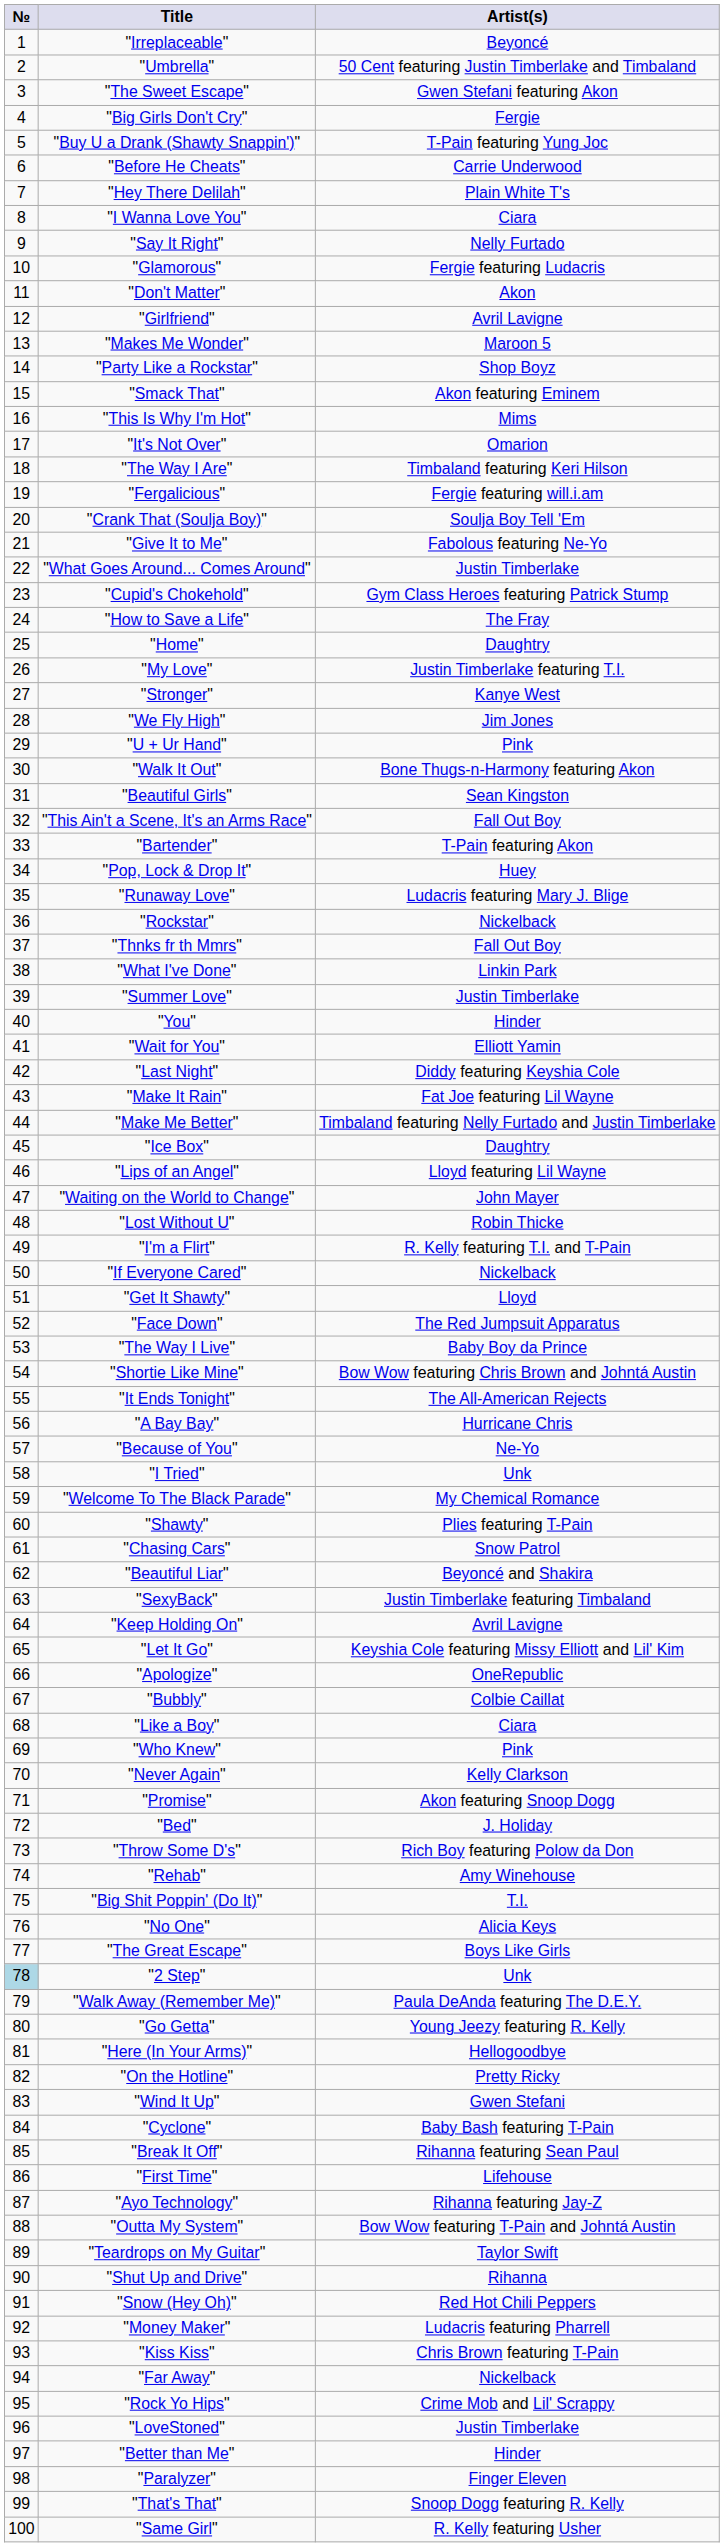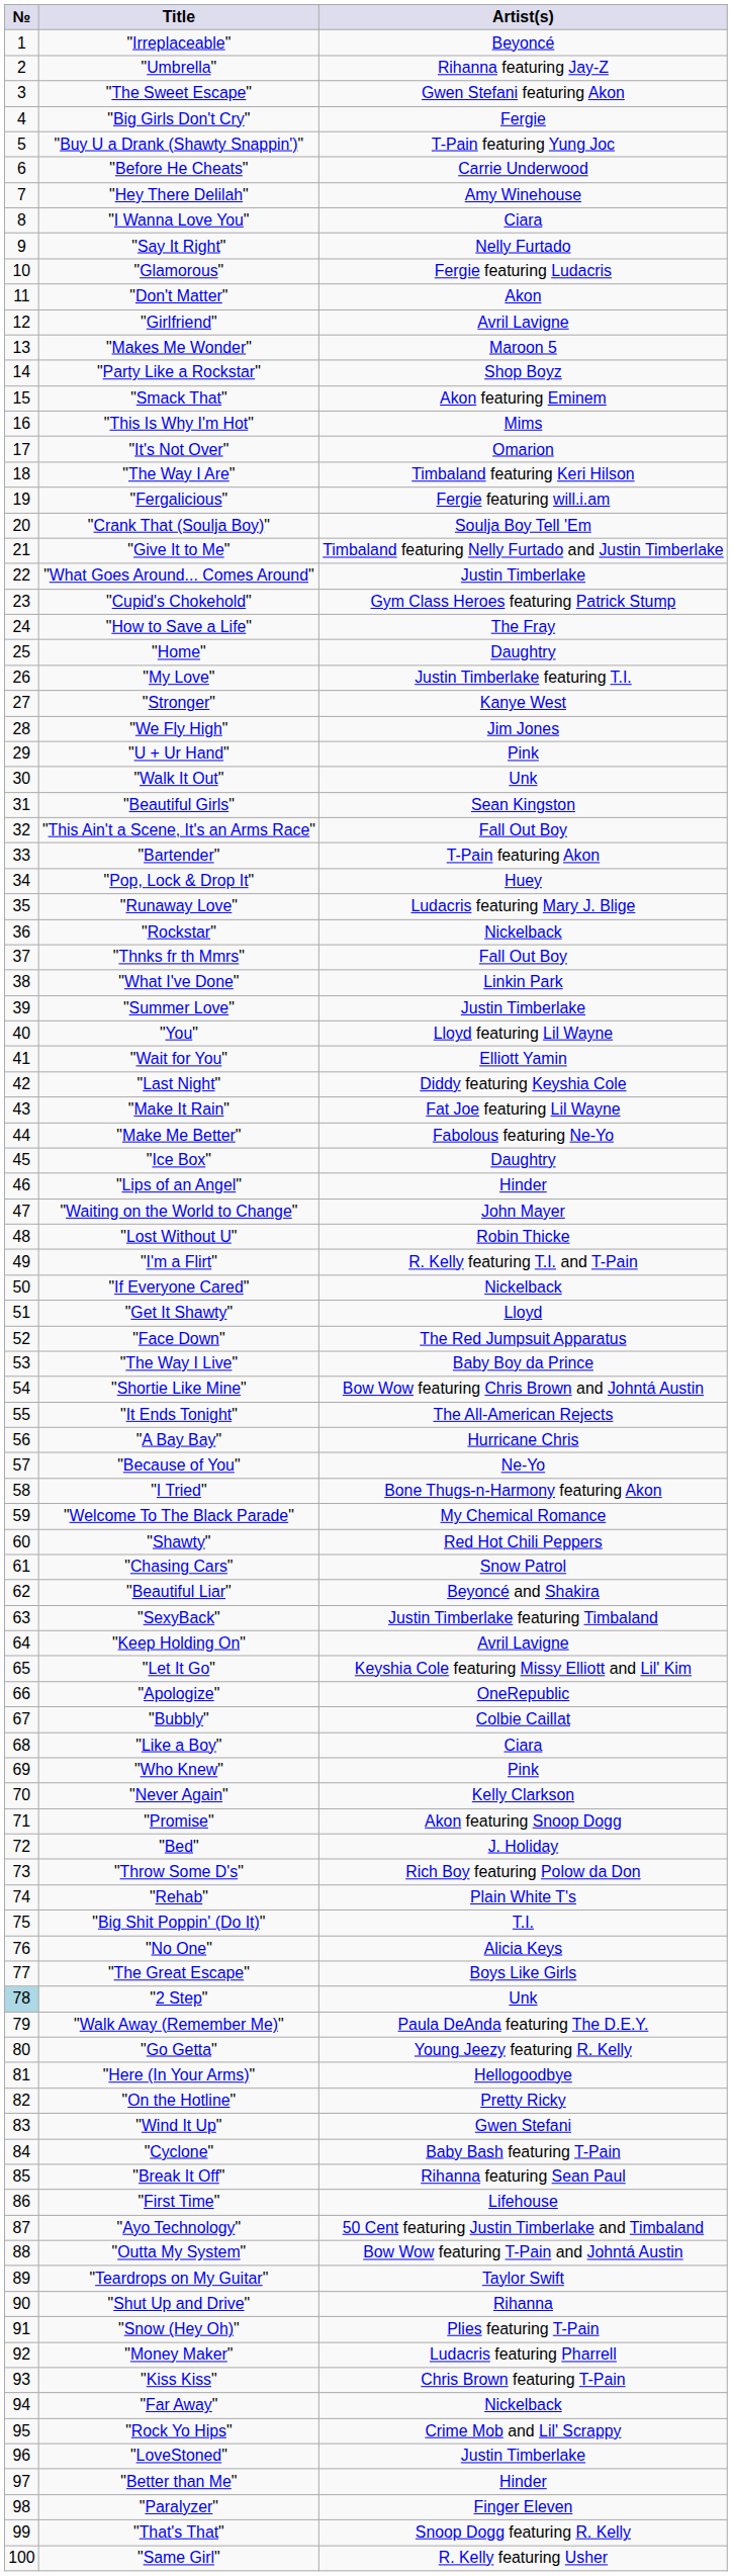 <table class="wikitable sortable" style="text-align: center">
 <tr>
 <th scope="col" style="background:#dde;">№</th>
 <th scope="col" style="background:#dde;">Title</th>
 <th scope="col" style="background:#dde;">Artist(s)</th>
 </tr>
 <tr>
 <td>1</td>
 <td>"<a href='#'>Irreplaceable</a>"</td>
 <td><a href='#'>Beyoncé</a></td>
 </tr>
 <tr>
 <td>2</td>
 <td>"<a href='#'>Umbrella</a>"</td>
-<td><a href='#'>50 Cent</a> featuring <a href='#'>Justin Timberlake</a> and <a href='#'>Timbaland</a></td>
+<td><a href='#'>Rihanna</a> featuring <a href='#'>Jay-Z</a></td>
 </tr>
 <tr>
 <td>3</td>
 <td>"<a href='#'>The Sweet Escape</a>"</td>
 <td><a href='#'>Gwen Stefani</a> featuring <a href='#'>Akon</a></td>
 </tr>
 <tr>
 <td>4</td>
 <td>"<a href='#'>Big Girls Don't Cry</a>"</td>
 <td><a href='#'>Fergie</a></td>
 </tr>
 <tr>
 <td>5</td>
 <td>"<a href='#'>Buy U a Drank (Shawty Snappin')</a>"</td>
 <td><a href='#'>T-Pain</a> featuring <a href='#'>Yung Joc</a></td>
 </tr>
 <tr>
 <td>6</td>
 <td>"<a href='#'>Before He Cheats</a>"</td>
 <td><a href='#'>Carrie Underwood</a></td>
 </tr>
 <tr>
 <td>7</td>
 <td>"<a href='#'>Hey There Delilah</a>"</td>
-<td><a href='#'>Plain White T's</a></td>
+<td><a href='#'>Amy Winehouse</a></td>
 </tr>
 <tr>
 <td>8</td>
 <td>"<a href='#'>I Wanna Love You</a>"</td>
 <td><a href='#'>Ciara</a></td>
 </tr>
 <tr>
 <td>9</td>
 <td>"<a href='#'>Say It Right</a>"</td>
 <td><a href='#'>Nelly Furtado</a></td>
 </tr>
 <tr>
 <td>10</td>
 <td>"<a href='#'>Glamorous</a>"</td>
 <td><a href='#'>Fergie</a> featuring <a href='#'>Ludacris</a></td>
 </tr>
 <tr>
 <td>11</td>
 <td>"<a href='#'>Don't Matter</a>"</td>
 <td><a href='#'>Akon</a></td>
 </tr>
 <tr>
 <td>12</td>
 <td>"<a href='#'>Girlfriend</a>"</td>
 <td><a href='#'>Avril Lavigne</a></td>
 </tr>
 <tr>
 <td>13</td>
 <td>"<a href='#'>Makes Me Wonder</a>"</td>
 <td><a href='#'>Maroon 5</a></td>
 </tr>
 <tr>
 <td>14</td>
 <td>"<a href='#'>Party Like a Rockstar</a>"</td>
 <td><a href='#'>Shop Boyz</a></td>
 </tr>
 <tr>
 <td>15</td>
 <td>"<a href='#'>Smack That</a>"</td>
 <td><a href='#'>Akon</a> featuring <a href='#'>Eminem</a></td>
 </tr>
 <tr>
 <td>16</td>
 <td>"<a href='#'>This Is Why I'm Hot</a>"</td>
 <td><a href='#'>Mims</a></td>
 </tr>
 <tr>
 <td>17</td>
 <td>"<a href='#'>It's Not Over</a>"</td>
 <td><a href='#'>Omarion</a></td>
 </tr>
 <tr>
 <td>18</td>
 <td>"<a href='#'>The Way I Are</a>"</td>
 <td><a href='#'>Timbaland</a> featuring <a href='#'>Keri Hilson</a></td>
 </tr>
 <tr>
 <td>19</td>
 <td>"<a href='#'>Fergalicious</a>"</td>
 <td><a href='#'>Fergie</a> featuring <a href='#'>will.i.am</a></td>
 </tr>
 <tr>
 <td>20</td>
 <td>"<a href='#'>Crank That (Soulja Boy)</a>"</td>
 <td><a href='#'>Soulja Boy Tell 'Em</a></td>
 </tr>
 <tr>
 <td>21</td>
 <td>"<a href='#'>Give It to Me</a>"</td>
-<td><a href='#'>Fabolous</a> featuring <a href='#'>Ne-Yo</a></td>
+<td><a href='#'>Timbaland</a> featuring <a href='#'>Nelly Furtado</a> and <a href='#'>Justin Timberlake</a></td>
 </tr>
 <tr>
 <td>22</td>
 <td>"<a href='#'>What Goes Around... Comes Around</a>"</td>
 <td><a href='#'>Justin Timberlake</a></td>
 </tr>
 <tr>
 <td>23</td>
 <td>"<a href='#'>Cupid's Chokehold</a>"</td>
 <td><a href='#'>Gym Class Heroes</a> featuring <a href='#'>Patrick Stump</a></td>
 </tr>
 <tr>
 <td>24</td>
 <td>"<a href='#'>How to Save a Life</a>"</td>
 <td><a href='#'>The Fray</a></td>
 </tr>
 <tr>
 <td>25</td>
 <td>"<a href='#'>Home</a>"</td>
 <td><a href='#'>Daughtry</a></td>
 </tr>
 <tr>
 <td>26</td>
 <td>"<a href='#'>My Love</a>"</td>
 <td><a href='#'>Justin Timberlake</a> featuring <a href='#'>T.I.</a></td>
 </tr>
 <tr>
 <td>27</td>
 <td>"<a href='#'>Stronger</a>"</td>
 <td><a href='#'>Kanye West</a></td>
 </tr>
 <tr>
 <td>28</td>
 <td>"<a href='#'>We Fly High</a>"</td>
 <td><a href='#'>Jim Jones</a></td>
 </tr>
 <tr>
 <td>29</td>
 <td>"<a href='#'>U + Ur Hand</a>"</td>
 <td><a href='#'>Pink</a></td>
 </tr>
 <tr>
 <td>30</td>
 <td>"<a href='#'>Walk It Out</a>"</td>
-<td><a href='#'>Bone Thugs-n-Harmony</a> featuring <a href='#'>Akon</a></td>
+<td><a href='#'>Unk</a></td>
 </tr>
 <tr>
 <td>31</td>
 <td>"<a href='#'>Beautiful Girls</a>"</td>
 <td><a href='#'>Sean Kingston</a></td>
 </tr>
 <tr>
 <td>32</td>
 <td>"<a href='#'>This Ain't a Scene, It's an Arms Race</a>"</td>
 <td><a href='#'>Fall Out Boy</a></td>
 </tr>
 <tr>
 <td>33</td>
 <td>"<a href='#'>Bartender</a>"</td>
 <td><a href='#'>T-Pain</a> featuring <a href='#'>Akon</a></td>
 </tr>
 <tr>
 <td>34</td>
 <td>"<a href='#'>Pop, Lock & Drop It</a>"</td>
 <td><a href='#'>Huey</a></td>
 </tr>
 <tr>
 <td>35</td>
 <td>"<a href='#'>Runaway Love</a>"</td>
 <td><a href='#'>Ludacris</a> featuring <a href='#'>Mary J. Blige</a></td>
 </tr>
 <tr>
 <td>36</td>
 <td>"<a href='#'>Rockstar</a>"</td>
 <td><a href='#'>Nickelback</a></td>
 </tr>
 <tr>
 <td>37</td>
 <td>"<a href='#'>Thnks fr th Mmrs</a>"</td>
 <td><a href='#'>Fall Out Boy</a></td>
 </tr>
 <tr>
 <td>38</td>
 <td>"<a href='#'>What I've Done</a>"</td>
 <td><a href='#'>Linkin Park</a></td>
 </tr>
 <tr>
 <td>39</td>
 <td>"<a href='#'>Summer Love</a>"</td>
 <td><a href='#'>Justin Timberlake</a></td>
 </tr>
 <tr>
 <td>40</td>
 <td>"<a href='#'>You</a>"</td>
-<td><a href='#'>Hinder</a></td>
+<td><a href='#'>Lloyd</a> featuring <a href='#'>Lil Wayne</a></td>
 </tr>
 <tr>
 <td>41</td>
 <td>"<a href='#'>Wait for You</a>"</td>
 <td><a href='#'>Elliott Yamin</a></td>
 </tr>
 <tr>
 <td>42</td>
 <td>"<a href='#'>Last Night</a>"</td>
 <td><a href='#'>Diddy</a> featuring <a href='#'>Keyshia Cole</a></td>
 </tr>
 <tr>
 <td>43</td>
 <td>"<a href='#'>Make It Rain</a>"</td>
 <td><a href='#'>Fat Joe</a> featuring <a href='#'>Lil Wayne</a></td>
 </tr>
 <tr>
 <td>44</td>
 <td>"<a href='#'>Make Me Better</a>"</td>
-<td><a href='#'>Timbaland</a> featuring <a href='#'>Nelly Furtado</a> and <a href='#'>Justin Timberlake</a></td>
+<td><a href='#'>Fabolous</a> featuring <a href='#'>Ne-Yo</a></td>
 </tr>
 <tr>
 <td>45</td>
 <td>"<a href='#'>Ice Box</a>"</td>
 <td><a href='#'>Daughtry</a></td>
 </tr>
 <tr>
 <td>46</td>
 <td>"<a href='#'>Lips of an Angel</a>"</td>
-<td><a href='#'>Lloyd</a> featuring <a href='#'>Lil Wayne</a></td>
+<td><a href='#'>Hinder</a></td>
 </tr>
 <tr>
 <td>47</td>
 <td>"<a href='#'>Waiting on the World to Change</a>"</td>
 <td><a href='#'>John Mayer</a></td>
 </tr>
 <tr>
 <td>48</td>
 <td>"<a href='#'>Lost Without U</a>"</td>
 <td><a href='#'>Robin Thicke</a></td>
 </tr>
 <tr>
 <td>49</td>
 <td>"<a href='#'>I'm a Flirt</a>"</td>
 <td><a href='#'>R. Kelly</a> featuring <a href='#'>T.I.</a> and <a href='#'>T-Pain</a></td>
 </tr>
 <tr>
 <td>50</td>
 <td>"<a href='#'>If Everyone Cared</a>"</td>
 <td><a href='#'>Nickelback</a></td>
 </tr>
 <tr>
 <td>51</td>
 <td>"<a href='#'>Get It Shawty</a>"</td>
 <td><a href='#'>Lloyd</a></td>
 </tr>
 <tr>
 <td>52</td>
 <td>"<a href='#'>Face Down</a>"</td>
 <td><a href='#'>The Red Jumpsuit Apparatus</a></td>
 </tr>
 <tr>
 <td>53</td>
 <td>"<a href='#'>The Way I Live</a>"</td>
 <td><a href='#'>Baby Boy da Prince</a></td>
 </tr>
 <tr>
 <td>54</td>
 <td>"<a href='#'>Shortie Like Mine</a>"</td>
 <td><a href='#'>Bow Wow</a> featuring <a href='#'>Chris Brown</a> and <a href='#'>Johntá Austin</a></td>
 </tr>
 <tr>
 <td>55</td>
 <td>"<a href='#'>It Ends Tonight</a>"</td>
 <td><a href='#'>The All-American Rejects</a></td>
 </tr>
 <tr>
 <td>56</td>
 <td>"<a href='#'>A Bay Bay</a>"</td>
 <td><a href='#'>Hurricane Chris</a></td>
 </tr>
 <tr>
 <td>57</td>
 <td>"<a href='#'>Because of You</a>"</td>
 <td><a href='#'>Ne-Yo</a></td>
 </tr>
 <tr>
 <td>58</td>
 <td>"<a href='#'>I Tried</a>"</td>
-<td><a href='#'>Unk</a></td>
+<td><a href='#'>Bone Thugs-n-Harmony</a> featuring <a href='#'>Akon</a></td>
 </tr>
 <tr>
 <td>59</td>
 <td>"<a href='#'>Welcome To The Black Parade</a>"</td>
 <td><a href='#'>My Chemical Romance</a></td>
 </tr>
 <tr>
 <td>60</td>
 <td>"<a href='#'>Shawty</a>"</td>
-<td><a href='#'>Plies</a> featuring <a href='#'>T-Pain</a></td>
+<td><a href='#'>Red Hot Chili Peppers</a></td>
 </tr>
 <tr>
 <td>61</td>
 <td>"<a href='#'>Chasing Cars</a>"</td>
 <td><a href='#'>Snow Patrol</a></td>
 </tr>
 <tr>
 <td>62</td>
 <td>"<a href='#'>Beautiful Liar</a>"</td>
 <td><a href='#'>Beyoncé</a> and <a href='#'>Shakira</a></td>
 </tr>
 <tr>
 <td>63</td>
 <td>"<a href='#'>SexyBack</a>"</td>
 <td><a href='#'>Justin Timberlake</a> featuring <a href='#'>Timbaland</a></td>
 </tr>
 <tr>
 <td>64</td>
 <td>"<a href='#'>Keep Holding On</a>"</td>
 <td><a href='#'>Avril Lavigne</a></td>
 </tr>
 <tr>
 <td>65</td>
 <td>"<a href='#'>Let It Go</a>"</td>
 <td><a href='#'>Keyshia Cole</a> featuring <a href='#'>Missy Elliott</a> and <a href='#'>Lil' Kim</a></td>
 </tr>
 <tr>
 <td>66</td>
 <td>"<a href='#'>Apologize</a>"</td>
 <td><a href='#'>OneRepublic</a></td>
 </tr>
 <tr>
 <td>67</td>
 <td>"<a href='#'>Bubbly</a>"</td>
 <td><a href='#'>Colbie Caillat</a></td>
 </tr>
 <tr>
 <td>68</td>
 <td>"<a href='#'>Like a Boy</a>"</td>
 <td><a href='#'>Ciara</a></td>
 </tr>
 <tr>
 <td>69</td>
 <td>"<a href='#'>Who Knew</a>"</td>
 <td><a href='#'>Pink</a></td>
 </tr>
 <tr>
 <td>70</td>
 <td>"<a href='#'>Never Again</a>"</td>
 <td><a href='#'>Kelly Clarkson</a></td>
 </tr>
 <tr>
 <td>71</td>
 <td>"<a href='#'>Promise</a>"</td>
 <td><a href='#'>Akon</a> featuring <a href='#'>Snoop Dogg</a></td>
 </tr>
 <tr>
 <td>72</td>
 <td>"<a href='#'>Bed</a>"</td>
 <td><a href='#'>J. Holiday</a></td>
 </tr>
 <tr>
 <td>73</td>
 <td>"<a href='#'>Throw Some D's</a>"</td>
 <td><a href='#'>Rich Boy</a> featuring <a href='#'>Polow da Don</a></td>
 </tr>
 <tr>
 <td>74</td>
 <td>"<a href='#'>Rehab</a>"</td>
-<td><a href='#'>Amy Winehouse</a></td>
+<td><a href='#'>Plain White T's</a></td>
 </tr>
 <tr>
 <td>75</td>
 <td>"<a href='#'>Big Shit Poppin' (Do It)</a>"</td>
 <td><a href='#'>T.I.</a></td>
 </tr>
 <tr>
 <td>76</td>
 <td>"<a href='#'>No One</a>"</td>
 <td><a href='#'>Alicia Keys</a></td>
 </tr>
 <tr>
 <td>77</td>
 <td>"<a href='#'>The Great Escape</a>"</td>
 <td><a href='#'>Boys Like Girls</a></td>
 </tr>
 <tr>
 <td style="background: lightblue;">78</td>
 <td>"<a href='#'>2 Step</a>"</td>
 <td><a href='#'>Unk</a></td>
 </tr>
 <tr>
 <td>79</td>
 <td>"<a href='#'>Walk Away (Remember Me)</a>"</td>
 <td><a href='#'>Paula DeAnda</a> featuring <a href='#'>The D.E.Y.</a></td>
 </tr>
 <tr>
 <td>80</td>
 <td>"<a href='#'>Go Getta</a>"</td>
 <td><a href='#'>Young Jeezy</a> featuring <a href='#'>R. Kelly</a></td>
 </tr>
 <tr>
 <td>81</td>
 <td>"<a href='#'>Here (In Your Arms)</a>"</td>
 <td><a href='#'>Hellogoodbye</a></td>
 </tr>
 <tr>
 <td>82</td>
 <td>"<a href='#'>On the Hotline</a>"</td>
 <td><a href='#'>Pretty Ricky</a></td>
 </tr>
 <tr>
 <td>83</td>
 <td>"<a href='#'>Wind It Up</a>"</td>
 <td><a href='#'>Gwen Stefani</a></td>
 </tr>
 <tr>
 <td>84</td>
 <td>"<a href='#'>Cyclone</a>"</td>
 <td><a href='#'>Baby Bash</a> featuring <a href='#'>T-Pain</a></td>
 </tr>
 <tr>
 <td>85</td>
 <td>"<a href='#'>Break It Off</a>"</td>
 <td><a href='#'>Rihanna</a> featuring <a href='#'>Sean Paul</a></td>
 </tr>
 <tr>
 <td>86</td>
 <td>"<a href='#'>First Time</a>"</td>
 <td><a href='#'>Lifehouse</a></td>
 </tr>
 <tr>
 <td>87</td>
 <td>"<a href='#'>Ayo Technology</a>"</td>
-<td><a href='#'>Rihanna</a> featuring <a href='#'>Jay-Z</a></td>
+<td><a href='#'>50 Cent</a> featuring <a href='#'>Justin Timberlake</a> and <a href='#'>Timbaland</a></td>
 </tr>
 <tr>
 <td>88</td>
 <td>"<a href='#'>Outta My System</a>"</td>
 <td><a href='#'>Bow Wow</a> featuring <a href='#'>T-Pain</a> and <a href='#'>Johntá Austin</a></td>
 </tr>
 <tr>
 <td>89</td>
 <td>"<a href='#'>Teardrops on My Guitar</a>"</td>
 <td><a href='#'>Taylor Swift</a></td>
 </tr>
 <tr>
 <td>90</td>
 <td>"<a href='#'>Shut Up and Drive</a>"</td>
 <td><a href='#'>Rihanna</a></td>
 </tr>
 <tr>
 <td>91</td>
 <td>"<a href='#'>Snow (Hey Oh)</a>"</td>
-<td><a href='#'>Red Hot Chili Peppers</a></td>
+<td><a href='#'>Plies</a> featuring <a href='#'>T-Pain</a></td>
 </tr>
 <tr>
 <td>92</td>
 <td>"<a href='#'>Money Maker</a>"</td>
 <td><a href='#'>Ludacris</a> featuring <a href='#'>Pharrell</a></td>
 </tr>
 <tr>
 <td>93</td>
 <td>"<a href='#'>Kiss Kiss</a>"</td>
 <td><a href='#'>Chris Brown</a> featuring <a href='#'>T-Pain</a></td>
 </tr>
 <tr>
 <td>94</td>
 <td>"<a href='#'>Far Away</a>"</td>
 <td><a href='#'>Nickelback</a></td>
 </tr>
 <tr>
 <td>95</td>
 <td>"<a href='#'>Rock Yo Hips</a>"</td>
 <td><a href='#'>Crime Mob</a> and <a href='#'>Lil' Scrappy</a></td>
 </tr>
 <tr>
 <td>96</td>
 <td>"<a href='#'>LoveStoned</a>"</td>
 <td><a href='#'>Justin Timberlake</a></td>
 </tr>
 <tr>
 <td>97</td>
 <td>"<a href='#'>Better than Me</a>"</td>
 <td><a href='#'>Hinder</a></td>
 </tr>
 <tr>
 <td>98</td>
 <td>"<a href='#'>Paralyzer</a>"</td>
 <td><a href='#'>Finger Eleven</a></td>
 </tr>
 <tr>
 <td>99</td>
 <td>"<a href='#'>That's That</a>"</td>
 <td><a href='#'>Snoop Dogg</a> featuring <a href='#'>R. Kelly</a></td>
 </tr>
 <tr>
 <td>100</td>
 <td>"<a href='#'>Same Girl</a>"</td>
 <td><a href='#'>R. Kelly</a> featuring <a href='#'>Usher</a></td>
 </tr>
 </table>
